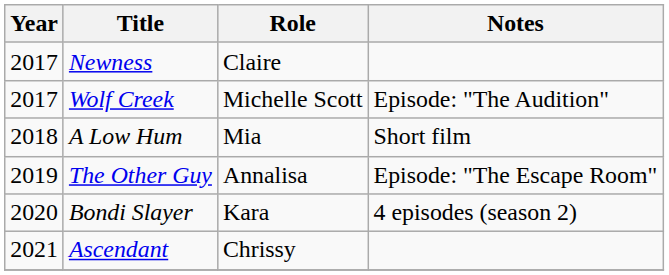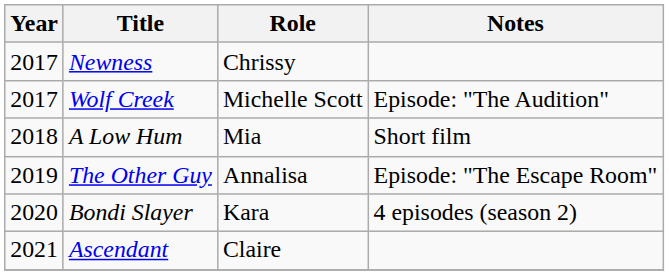 <table class="wikitable unsortable">
 <tr>
 <th>Year</th>
 <th>Title</th>
 <th>Role</th>
 <th>Notes</th>
 </tr>
 <tr>
 <td>2017</td>
 <td><em><a href='#'>Newness</a></em></td>
-<td>Claire</td>
+<td>Chrissy</td>
 <td></td>
 </tr>
 <tr>
 <td>2017</td>
 <td><em><a href='#'>Wolf Creek</a></em></td>
 <td>Michelle Scott</td>
 <td>Episode: "The Audition"</td>
 </tr>
 <tr>
 <td>2018</td>
 <td><em>A Low Hum</em></td>
 <td>Mia</td>
 <td>Short film</td>
 </tr>
 <tr>
 <td>2019</td>
 <td><em><a href='#'>The Other Guy</a></em></td>
 <td>Annalisa</td>
 <td>Episode: "The Escape Room"</td>
 </tr>
 <tr>
 <td>2020</td>
 <td><em>Bondi Slayer</em></td>
 <td>Kara</td>
 <td>4 episodes (season 2)</td>
 </tr>
 <tr>
 <td>2021</td>
 <td><em><a href='#'>Ascendant</a></em></td>
-<td>Chrissy</td>
+<td>Claire</td>
 <td></td>
 </tr>
 <tr>
 </tr>
 </table>
